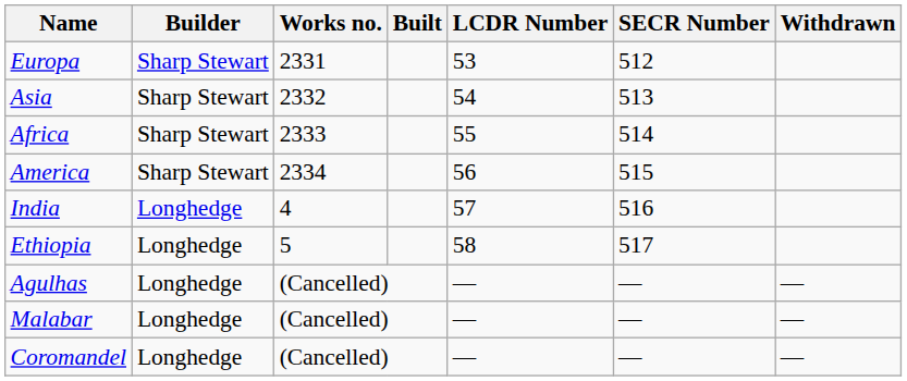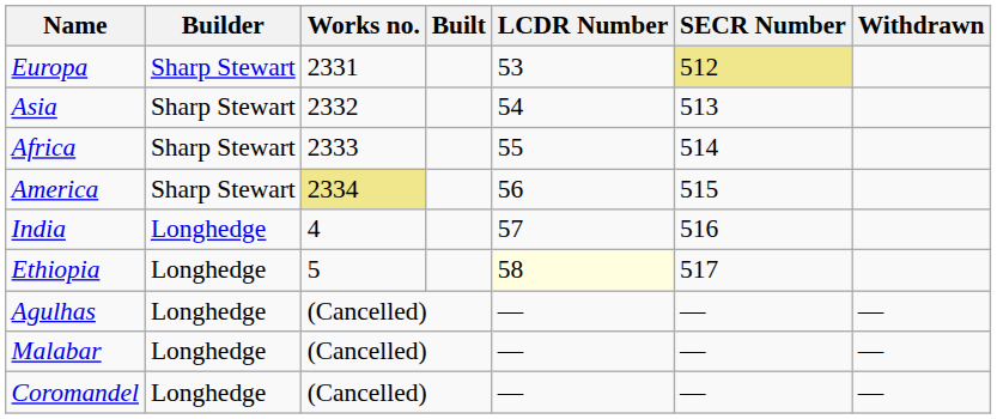 <table class="wikitable sortable">
 <tr>
 <th>Name</th>
 <th>Builder</th>
 <th>Works no.</th>
 <th>Built</th>
 <th>LCDR Number</th>
 <th>SECR Number</th>
 <th>Withdrawn</th>
 </tr>
 <tr>
 <td><em><a href='#'>Europa</a></em></td>
 <td><a href='#'>Sharp Stewart</a></td>
 <td>2331</td>
 <td></td>
 <td>53</td>
-<td>512</td>
+<td style="background: khaki;">512</td>
 <td></td>
 </tr>
 <tr>
 <td><em><a href='#'>Asia</a></em></td>
 <td>Sharp Stewart</td>
 <td>2332</td>
 <td></td>
 <td>54</td>
 <td>513</td>
 <td></td>
 </tr>
 <tr>
 <td><em><a href='#'>Africa</a></em></td>
 <td>Sharp Stewart</td>
 <td>2333</td>
 <td></td>
 <td>55</td>
 <td>514</td>
 <td></td>
 </tr>
 <tr>
 <td><em><a href='#'>America</a></em></td>
 <td>Sharp Stewart</td>
-<td>2334</td>
+<td style="background: khaki;">2334</td>
 <td></td>
 <td>56</td>
 <td>515</td>
 <td></td>
 </tr>
 <tr>
 <td><em><a href='#'>India</a></em></td>
 <td><a href='#'>Longhedge</a></td>
 <td>4</td>
 <td></td>
 <td>57</td>
 <td>516</td>
 <td></td>
 </tr>
 <tr>
 <td><em><a href='#'>Ethiopia</a></em></td>
 <td>Longhedge</td>
 <td>5</td>
 <td></td>
-<td>58</td>
+<td style="background: lightyellow;">58</td>
 <td>517</td>
 <td></td>
 </tr>
 <tr>
 <td><em><a href='#'>Agulhas</a></em></td>
 <td>Longhedge</td>
 <td colspan=2>(Cancelled)</td>
 <td>—</td>
 <td>—</td>
 <td>—</td>
 </tr>
 <tr>
 <td><em><a href='#'>Malabar</a></em></td>
 <td>Longhedge</td>
 <td colspan=2>(Cancelled)</td>
 <td>—</td>
 <td>—</td>
 <td>—</td>
 </tr>
 <tr>
 <td><em><a href='#'>Coromandel</a></em></td>
 <td>Longhedge</td>
 <td colspan=2>(Cancelled)</td>
 <td>—</td>
 <td>—</td>
 <td>—</td>
 </tr>
 </table>
